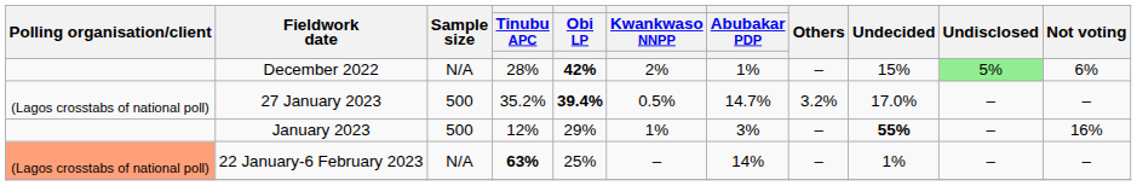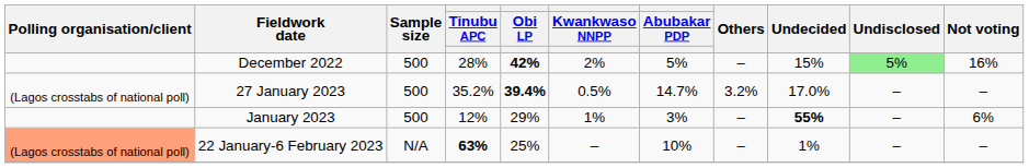 <table class="wikitable" style="text-align:center;font-size:95%;line-height:14px;">
 <tr>
 <th rowspan="3">Polling organisation/client</th>
 <th rowspan="3">Fieldwork<br>date</th>
 <th rowspan="3">Sample<br>size</th>
 <th></th>
 <th></th>
 <th></th>
 <th></th>
 <th rowspan="3">Others</th>
 <th rowspan="3">Undecided</th>
 <th rowspan="3">Undisclosed</th>
 <th rowspan="3">Not voting</th>
 </tr>
 <tr>
 <th><a href='#'>Tinubu</a><br><small><a href='#'>APC</a></small></th>
 <th><a href='#'>Obi</a><br><small><a href='#'>LP</a></small></th>
 <th><a href='#'>Kwankwaso</a><br><small><a href='#'>NNPP</a></small></th>
 <th><a href='#'>Abubakar</a><br><small><a href='#'>PDP</a></small></th>
 </tr>
 <tr>
 <th style="background:"></th>
 <th style="background:"></th>
 <th style="background:"></th>
 <th style="background:"></th>
 </tr>
 <tr>
 <td></td>
 <td>December 2022</td>
-<td>N/A</td>
+<td>500</td>
 <td>28%</td>
 <td><strong>42%</strong></td>
 <td>2%</td>
-<td>1%</td>
+<td>5%</td>
 <td>–</td>
 <td>15%</td>
 <td style="background: lightgreen;">5%</td>
-<td>6%</td>
+<td>16%</td>
 </tr>
 <tr>
 <td><br><small>(Lagos crosstabs of national poll)</small></td>
 <td>27 January 2023</td>
 <td>500</td>
 <td>35.2%</td>
 <td><strong>39.4%</strong></td>
 <td>0.5%</td>
 <td>14.7%</td>
 <td>3.2%</td>
 <td>17.0%</td>
 <td>–</td>
 <td>–</td>
 </tr>
 <tr>
 <td></td>
 <td>January 2023</td>
 <td>500</td>
 <td>12%</td>
 <td>29%</td>
 <td>1%</td>
 <td>3%</td>
 <td>–</td>
 <td><strong>55%</strong></td>
 <td>–</td>
-<td>16%</td>
+<td>6%</td>
 </tr>
 <tr>
 <td style="background: lightsalmon;"><br><small>(Lagos crosstabs of national poll)</small></td>
 <td>22 January-6 February 2023</td>
 <td>N/A</td>
 <td><strong>63%</strong></td>
 <td>25%</td>
 <td>–</td>
-<td>14%</td>
+<td>10%</td>
 <td>–</td>
 <td>1%</td>
 <td>–</td>
 <td>–</td>
 </tr>
 <tr>
 </tr>
 </table>
